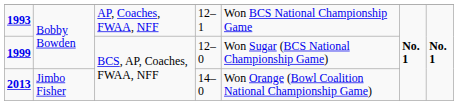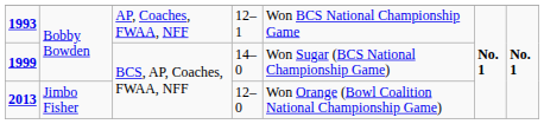 <table class="wikitable">
 <tr>
 </tr>
 <tr>
 <td><strong><a href='#'>1993</a></strong></td>
 <td rowspan="2"><a href='#'>Bobby Bowden</a></td>
 <td><a href='#'>AP</a>, <a href='#'>Coaches</a>, <a href='#'>FWAA</a>, <a href='#'>NFF</a></td>
 <td>12–1</td>
 <td>Won <a href='#'>BCS National Championship Game</a></td>
 <td rowspan="3"><strong>No. 1</strong></td>
 <td rowspan="3"><strong>No. 1</strong></td>
 </tr>
 <tr>
 <td><strong><a href='#'>1999</a></strong></td>
 <td rowspan="2"><a href='#'>BCS</a>, AP, Coaches, FWAA, NFF</td>
-<td>12–0</td>
+<td>14–0</td>
 <td>Won <a href='#'>Sugar</a> (<a href='#'>BCS National Championship Game</a>)</td>
 </tr>
 <tr>
 <td><strong><a href='#'>2013</a></strong></td>
 <td><a href='#'>Jimbo Fisher</a></td>
-<td>14–0</td>
+<td>12–0</td>
 <td>Won <a href='#'>Orange</a> (<a href='#'>Bowl Coalition National Championship Game</a>)</td>
 </tr>
 </table>
